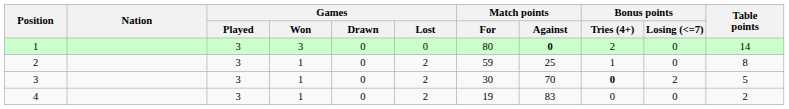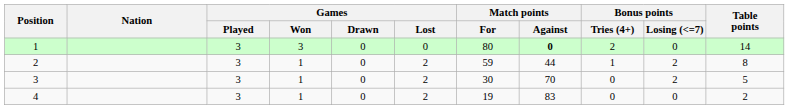 <table class="wikitable" style="text-align: center;">
 <tr>
 <th rowspan=2 width="8%">Position</th>
 <th rowspan=2 width="18%">Nation</th>
 <th colspan=4 width="32%">Games</th>
 <th colspan=2 width="16%">Match points</th>
 <th colspan=2 width="16%">Bonus points</th>
 <th rowspan=2 width="10%">Table<br>points</th>
 </tr>
 <tr>
 <th width="8%">Played</th>
 <th width="8%">Won</th>
 <th width="8%">Drawn</th>
 <th width="8%">Lost</th>
 <th width="8%">For</th>
 <th width="8%">Against</th>
 <th width="8%">Tries (4+)</th>
 <th width="8%">Losing (<=7)</th>
 </tr>
 <tr bgcolor=#ccffcc align=center>
 <td>1</td>
 <td align=left></td>
 <td>3</td>
 <td>3</td>
 <td>0</td>
 <td>0</td>
 <td>80</td>
 <td><strong>0</strong></td>
 <td>2</td>
 <td>0</td>
 <td>14</td>
 </tr>
 <tr>
 <td>2</td>
 <td align=left></td>
 <td>3</td>
 <td>1</td>
 <td>0</td>
 <td>2</td>
 <td>59</td>
-<td>25</td>
+<td>44</td>
 <td>1</td>
-<td>0</td>
+<td>2</td>
 <td>8</td>
 </tr>
 <tr>
 <td>3</td>
 <td align=left></td>
 <td>3</td>
 <td>1</td>
 <td>0</td>
 <td>2</td>
 <td>30</td>
 <td>70</td>
-<td><strong>0</strong></td>
+<td>0</td>
 <td>2</td>
 <td>5</td>
 </tr>
 <tr>
 <td>4</td>
 <td align=left></td>
 <td>3</td>
 <td>1</td>
 <td>0</td>
 <td>2</td>
 <td>19</td>
 <td>83</td>
 <td>0</td>
 <td>0</td>
 <td>2</td>
 </tr>
 </table>
